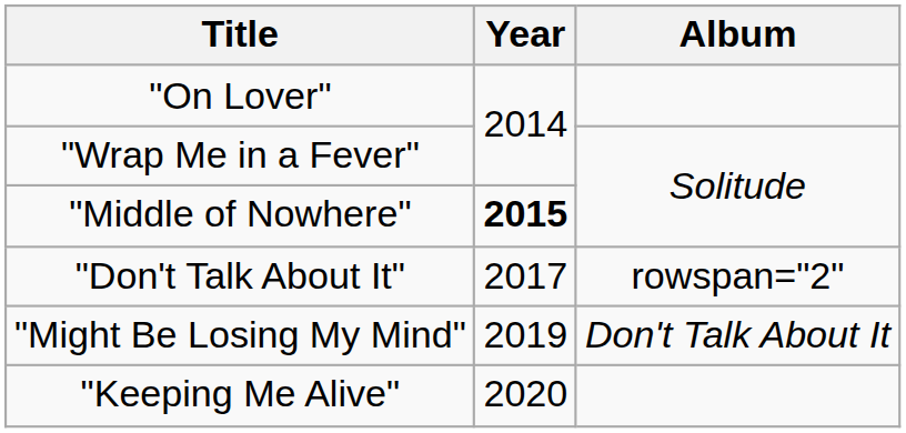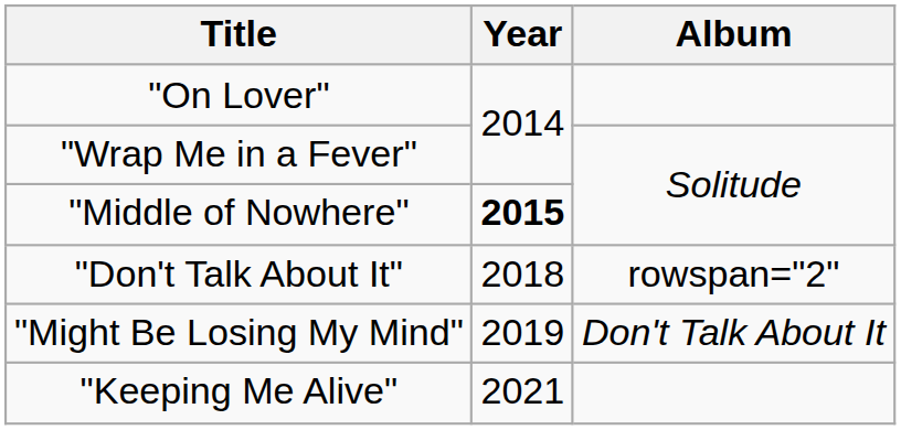 <table class="wikitable plainrowheaders" style="text-align:center;" border="1">
 <tr>
 <th>Title</th>
 <th>Year</th>
 <th>Album</th>
 </tr>
 <tr>
 <td>"On Lover"</td>
 <td rowspan="2">2014</td>
 <td></td>
 </tr>
 <tr>
 <td>"Wrap Me in a Fever"</td>
 <td rowspan="2"><em>Solitude</em></td>
 </tr>
 <tr>
 <td>"Middle of Nowhere"</td>
 <td><strong>2015</strong></td>
 </tr>
 <tr>
 <td>"Don't Talk About It"</td>
-<td>2017</td>
+<td>2018</td>
 <td>rowspan="2" </td>
 </tr>
 <tr>
 <td>"Might Be Losing My Mind" </td>
 <td>2019</td>
 <td><em>Don't Talk About It</em></td>
 </tr>
 <tr>
 <td>"Keeping Me Alive"</td>
-<td>2020</td>
+<td>2021</td>
 </tr>
 </table>
